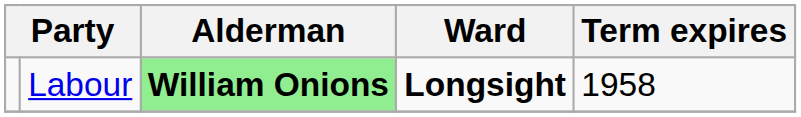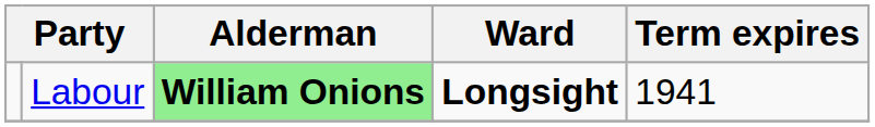 <table class="wikitable">
 <tr>
 <th colspan="2">Party</th>
 <th>Alderman</th>
 <th>Ward</th>
 <th>Term expires</th>
 </tr>
 <tr>
 <td style="background-color:"></td>
 <td><a href='#'>Labour</a></td>
 <td style="background: lightgreen;"><strong>William Onions</strong></td>
 <td><strong>Longsight</strong></td>
-<td>1958</td>
+<td>1941</td>
 </tr>
 <tr>
 </tr>
 </table>
